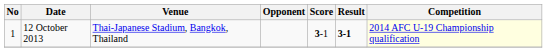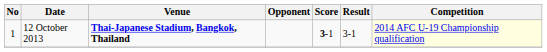 <table class="wikitable">
 <tr>
 <th>No</th>
 <th>Date</th>
 <th>Venue</th>
 <th>Opponent</th>
 <th>Score</th>
 <th>Result</th>
 <th>Competition</th>
 </tr>
 <tr>
 <td align=center>1</td>
 <td>12 October 2013</td>
-<td><a href='#'>Thai-Japanese Stadium</a>, <a href='#'>Bangkok</a>, Thailand</td>
+<td><strong><a href='#'>Thai-Japanese Stadium</a>, <a href='#'>Bangkok</a>, Thailand</strong></td>
 <td></td>
 <td align=center><strong>3</strong>-1</td>
-<td><strong>3-1</strong></td>
+<td>3-1</td>
 <td style="background: lightyellow;"><a href='#'>2014 AFC U-19 Championship qualification</a></td>
 </tr>
 <tr>
 </tr>
 </table>
